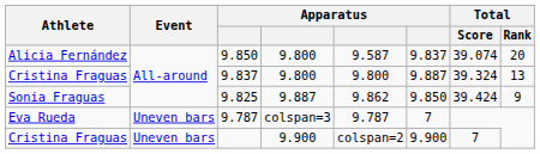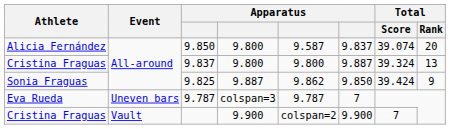 <table class=wikitable style=font-size:90%;text-align:center>
 <tr>
 <th rowspan=2>Athlete</th>
 <th rowspan=2>Event</th>
 <th colspan=4>Apparatus</th>
 <th colspan=2>Total</th>
 </tr>
 <tr style=font-size:95%>
 <th></th>
 <th></th>
 <th></th>
 <th></th>
 <th>Score</th>
 <th>Rank</th>
 </tr>
 <tr>
 <td align=left><a href='#'>Alicia Fernández</a></td>
 <td align=left rowspan=3><a href='#'>All-around</a></td>
 <td>9.850</td>
 <td>9.800</td>
 <td>9.587</td>
 <td>9.837</td>
 <td>39.074</td>
 <td>20</td>
 </tr>
 <tr>
 <td align=left><a href='#'>Cristina Fraguas</a></td>
 <td>9.837</td>
 <td>9.800</td>
 <td>9.800</td>
 <td>9.887</td>
 <td>39.324</td>
 <td>13</td>
 </tr>
 <tr>
 <td align=left><a href='#'>Sonia Fraguas</a></td>
 <td>9.825</td>
 <td>9.887</td>
 <td>9.862</td>
 <td>9.850</td>
 <td>39.424</td>
 <td>9</td>
 </tr>
 <tr>
 <td align=left><a href='#'>Eva Rueda</a></td>
 <td align=left><a href='#'>Uneven bars</a></td>
 <td>9.787</td>
 <td>colspan=3 </td>
 <td>9.787</td>
 <td>7</td>
 </tr>
 <tr>
 <td align=left><a href='#'>Cristina Fraguas</a></td>
-<td align=left><a href='#'>Uneven bars</a></td>
+<td align=left><a href='#'>Vault</a></td>
 <td></td>
 <td>9.900</td>
 <td>colspan=2 </td>
 <td>9.900</td>
 <td>7</td>
 </tr>
 </table>
